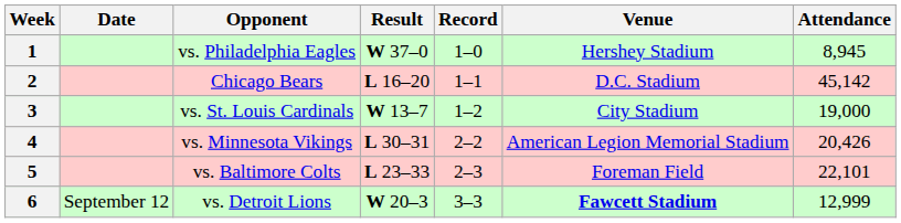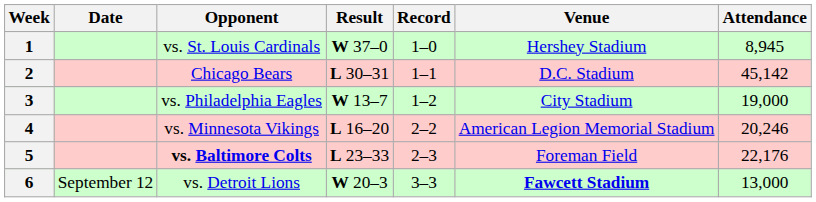 <table class="wikitable" style="text-align:center">
 <tr>
 <th>Week</th>
 <th>Date</th>
 <th>Opponent</th>
 <th>Result</th>
 <th>Record</th>
 <th>Venue</th>
 <th>Attendance</th>
 </tr>
 <tr style="background:#cfc">
 <th>1</th>
 <td></td>
-<td>vs. <a href='#'>Philadelphia Eagles</a></td>
+<td>vs. <a href='#'>St. Louis Cardinals</a></td>
 <td><strong>W</strong> 37–0</td>
 <td>1–0</td>
 <td><a href='#'>Hershey Stadium</a> </td>
 <td>8,945</td>
 </tr>
 <tr style="background:#fcc">
 <th>2</th>
 <td></td>
 <td><a href='#'>Chicago Bears</a></td>
-<td><strong>L</strong> 16–20</td>
+<td><strong>L</strong> 30–31</td>
 <td>1–1</td>
 <td><a href='#'>D.C. Stadium</a></td>
 <td>45,142</td>
 </tr>
 <tr style="background:#cfc">
 <th>3</th>
 <td></td>
-<td>vs. <a href='#'>St. Louis Cardinals</a></td>
+<td>vs. <a href='#'>Philadelphia Eagles</a></td>
 <td><strong>W</strong> 13–7</td>
 <td>1–2</td>
 <td><a href='#'>City Stadium</a> </td>
 <td>19,000</td>
 </tr>
 <tr style="background:#fcc">
 <th>4</th>
 <td></td>
 <td>vs. <a href='#'>Minnesota Vikings</a></td>
-<td><strong>L</strong> 30–31</td>
+<td><strong>L</strong> 16–20</td>
 <td>2–2</td>
 <td><a href='#'>American Legion Memorial Stadium</a> </td>
-<td>20,426</td>
+<td>20,246</td>
 </tr>
 <tr style="background:#fcc">
 <th>5</th>
 <td></td>
-<td>vs. <a href='#'>Baltimore Colts</a></td>
+<td><strong>vs. <a href='#'>Baltimore Colts</a></strong></td>
 <td><strong>L</strong> 23–33</td>
 <td>2–3</td>
 <td><a href='#'>Foreman Field</a> </td>
-<td>22,101</td>
+<td>22,176</td>
 </tr>
 <tr style="background:#cfc">
 <th>6</th>
 <td>September 12</td>
 <td>vs. <a href='#'>Detroit Lions</a></td>
 <td><strong>W</strong> 20–3</td>
 <td>3–3</td>
 <td><strong><a href='#'>Fawcett Stadium</a> </strong></td>
-<td>12,999</td>
+<td>13,000</td>
 </tr>
 </table>
